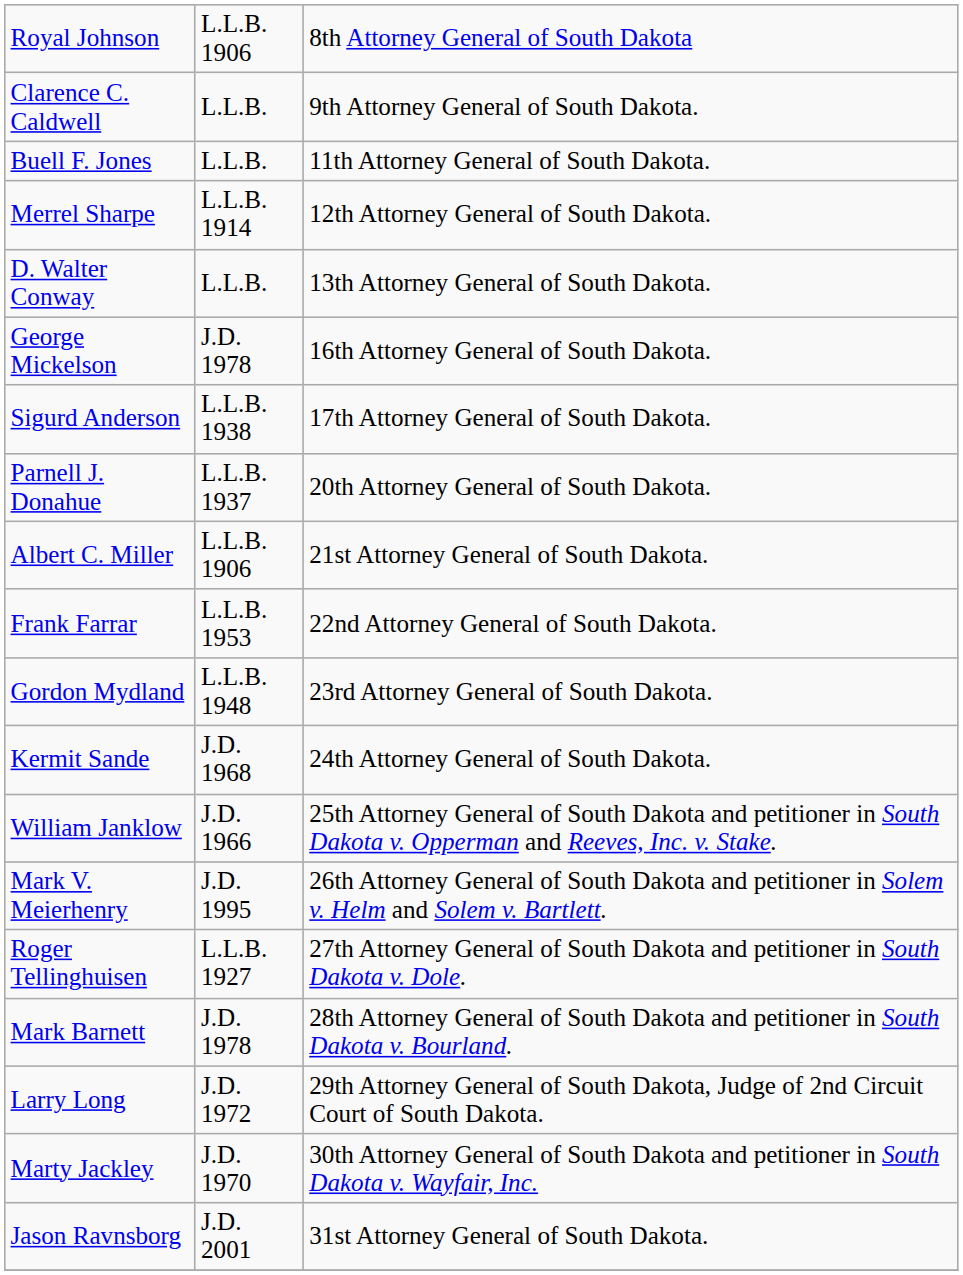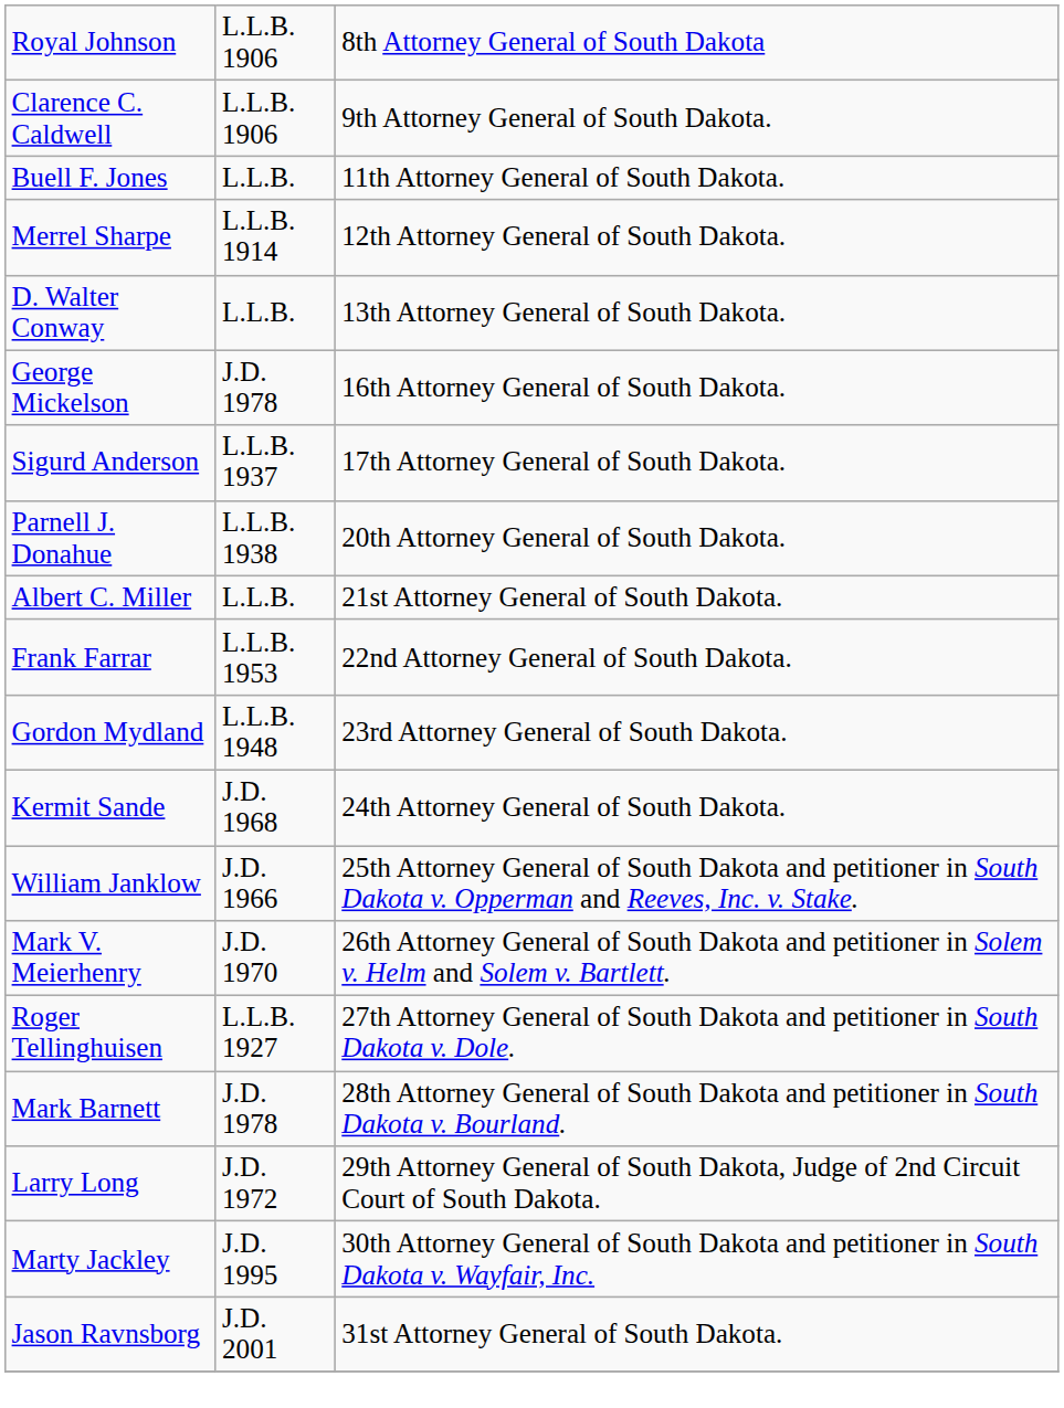 <table class="wikitable">
 <tr>
 <td><a href='#'>Royal Johnson</a></td>
 <td>L.L.B. 1906</td>
 <td>8th <a href='#'>Attorney General of South Dakota</a></td>
 </tr>
 <tr>
 <td><a href='#'>Clarence C. Caldwell</a></td>
-<td>L.L.B.</td>
+<td>L.L.B. 1906</td>
 <td>9th Attorney General of South Dakota.</td>
 </tr>
 <tr>
 <td><a href='#'>Buell F. Jones</a></td>
 <td>L.L.B.</td>
 <td>11th Attorney General of South Dakota.</td>
 </tr>
 <tr>
 <td><a href='#'>Merrel Sharpe</a></td>
 <td>L.L.B. 1914</td>
 <td>12th Attorney General of South Dakota.</td>
 </tr>
 <tr>
 <td><a href='#'>D. Walter Conway</a></td>
 <td>L.L.B.</td>
 <td>13th Attorney General of South Dakota.</td>
 </tr>
 <tr>
 <td><a href='#'>George Mickelson</a></td>
 <td>J.D. 1978</td>
 <td>16th Attorney General of South Dakota.</td>
 </tr>
 <tr>
 <td><a href='#'>Sigurd Anderson</a></td>
-<td>L.L.B. 1938</td>
+<td>L.L.B. 1937</td>
 <td>17th Attorney General of South Dakota.</td>
 </tr>
 <tr>
 <td><a href='#'>Parnell J. Donahue</a></td>
-<td>L.L.B. 1937</td>
+<td>L.L.B. 1938</td>
 <td>20th Attorney General of South Dakota.</td>
 </tr>
 <tr>
 <td><a href='#'>Albert C. Miller</a></td>
-<td>L.L.B. 1906</td>
+<td>L.L.B.</td>
 <td>21st Attorney General of South Dakota.</td>
 </tr>
 <tr>
 <td><a href='#'>Frank Farrar</a></td>
 <td>L.L.B. 1953</td>
 <td>22nd Attorney General of South Dakota.</td>
 </tr>
 <tr>
 <td><a href='#'>Gordon Mydland</a></td>
 <td>L.L.B. 1948</td>
 <td>23rd Attorney General of South Dakota.</td>
 </tr>
 <tr>
 <td><a href='#'>Kermit Sande</a></td>
 <td>J.D. 1968</td>
 <td>24th Attorney General of South Dakota.</td>
 </tr>
 <tr>
 <td><a href='#'>William Janklow</a></td>
 <td>J.D. 1966</td>
 <td>25th Attorney General of South Dakota and petitioner in <em><a href='#'>South Dakota v. Opperman</a></em> and <em><a href='#'>Reeves, Inc. v. Stake</a>.</em></td>
 </tr>
 <tr>
 <td><a href='#'>Mark V. Meierhenry</a></td>
-<td>J.D. 1995</td>
+<td>J.D. 1970</td>
 <td>26th Attorney General of South Dakota and petitioner in <em><a href='#'>Solem v. Helm</a></em> and <em><a href='#'>Solem v. Bartlett</a>.</em></td>
 </tr>
 <tr>
 <td><a href='#'>Roger Tellinghuisen</a></td>
 <td>L.L.B. 1927</td>
 <td>27th Attorney General of South Dakota and petitioner in <em><a href='#'>South Dakota v. Dole</a>.</em></td>
 </tr>
 <tr>
 <td><a href='#'>Mark Barnett</a></td>
 <td>J.D. 1978</td>
 <td>28th Attorney General of South Dakota and petitioner in <em><a href='#'>South Dakota v. Bourland</a>.</em></td>
 </tr>
 <tr>
 <td><a href='#'>Larry Long</a></td>
 <td>J.D. 1972</td>
 <td>29th Attorney General of South Dakota, Judge of 2nd Circuit Court of South Dakota.</td>
 </tr>
 <tr>
 <td><a href='#'>Marty Jackley</a></td>
-<td>J.D. 1970</td>
+<td>J.D. 1995</td>
 <td>30th Attorney General of South Dakota and petitioner in <em><a href='#'>South Dakota v. Wayfair, Inc.</a></em></td>
 </tr>
 <tr>
 <td><a href='#'>Jason Ravnsborg</a></td>
 <td>J.D. 2001</td>
 <td>31st Attorney General of South Dakota.</td>
 </tr>
 <tr>
 </tr>
 </table>
